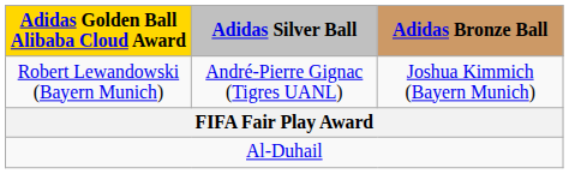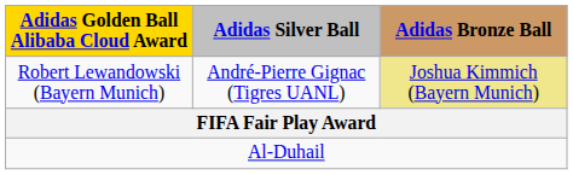 <table class="wikitable" style="text-align:center">
 <tr>
 <th style="background:gold; width:33%"><a href='#'>Adidas</a> Golden Ball<br><a href='#'>Alibaba Cloud</a> Award</th>
 <th style="background:silver; width:33%"><a href='#'>Adidas</a> Silver Ball</th>
 <th style="background:#CC9966; width:33%"><a href='#'>Adidas</a> Bronze Ball</th>
 </tr>
 <tr>
 <td> <a href='#'>Robert Lewandowski</a><br>(<a href='#'>Bayern Munich</a>)</td>
 <td> <a href='#'>André-Pierre Gignac</a><br>(<a href='#'>Tigres UANL</a>)</td>
-<td> <a href='#'>Joshua Kimmich</a><br>(<a href='#'>Bayern Munich</a>)</td>
+<td style="background: khaki;"> <a href='#'>Joshua Kimmich</a><br>(<a href='#'>Bayern Munich</a>)</td>
 </tr>
 <tr>
 <th colspan="3">FIFA Fair Play Award</th>
 </tr>
 <tr>
 <td colspan="3"> <a href='#'>Al-Duhail</a></td>
 </tr>
 </table>
